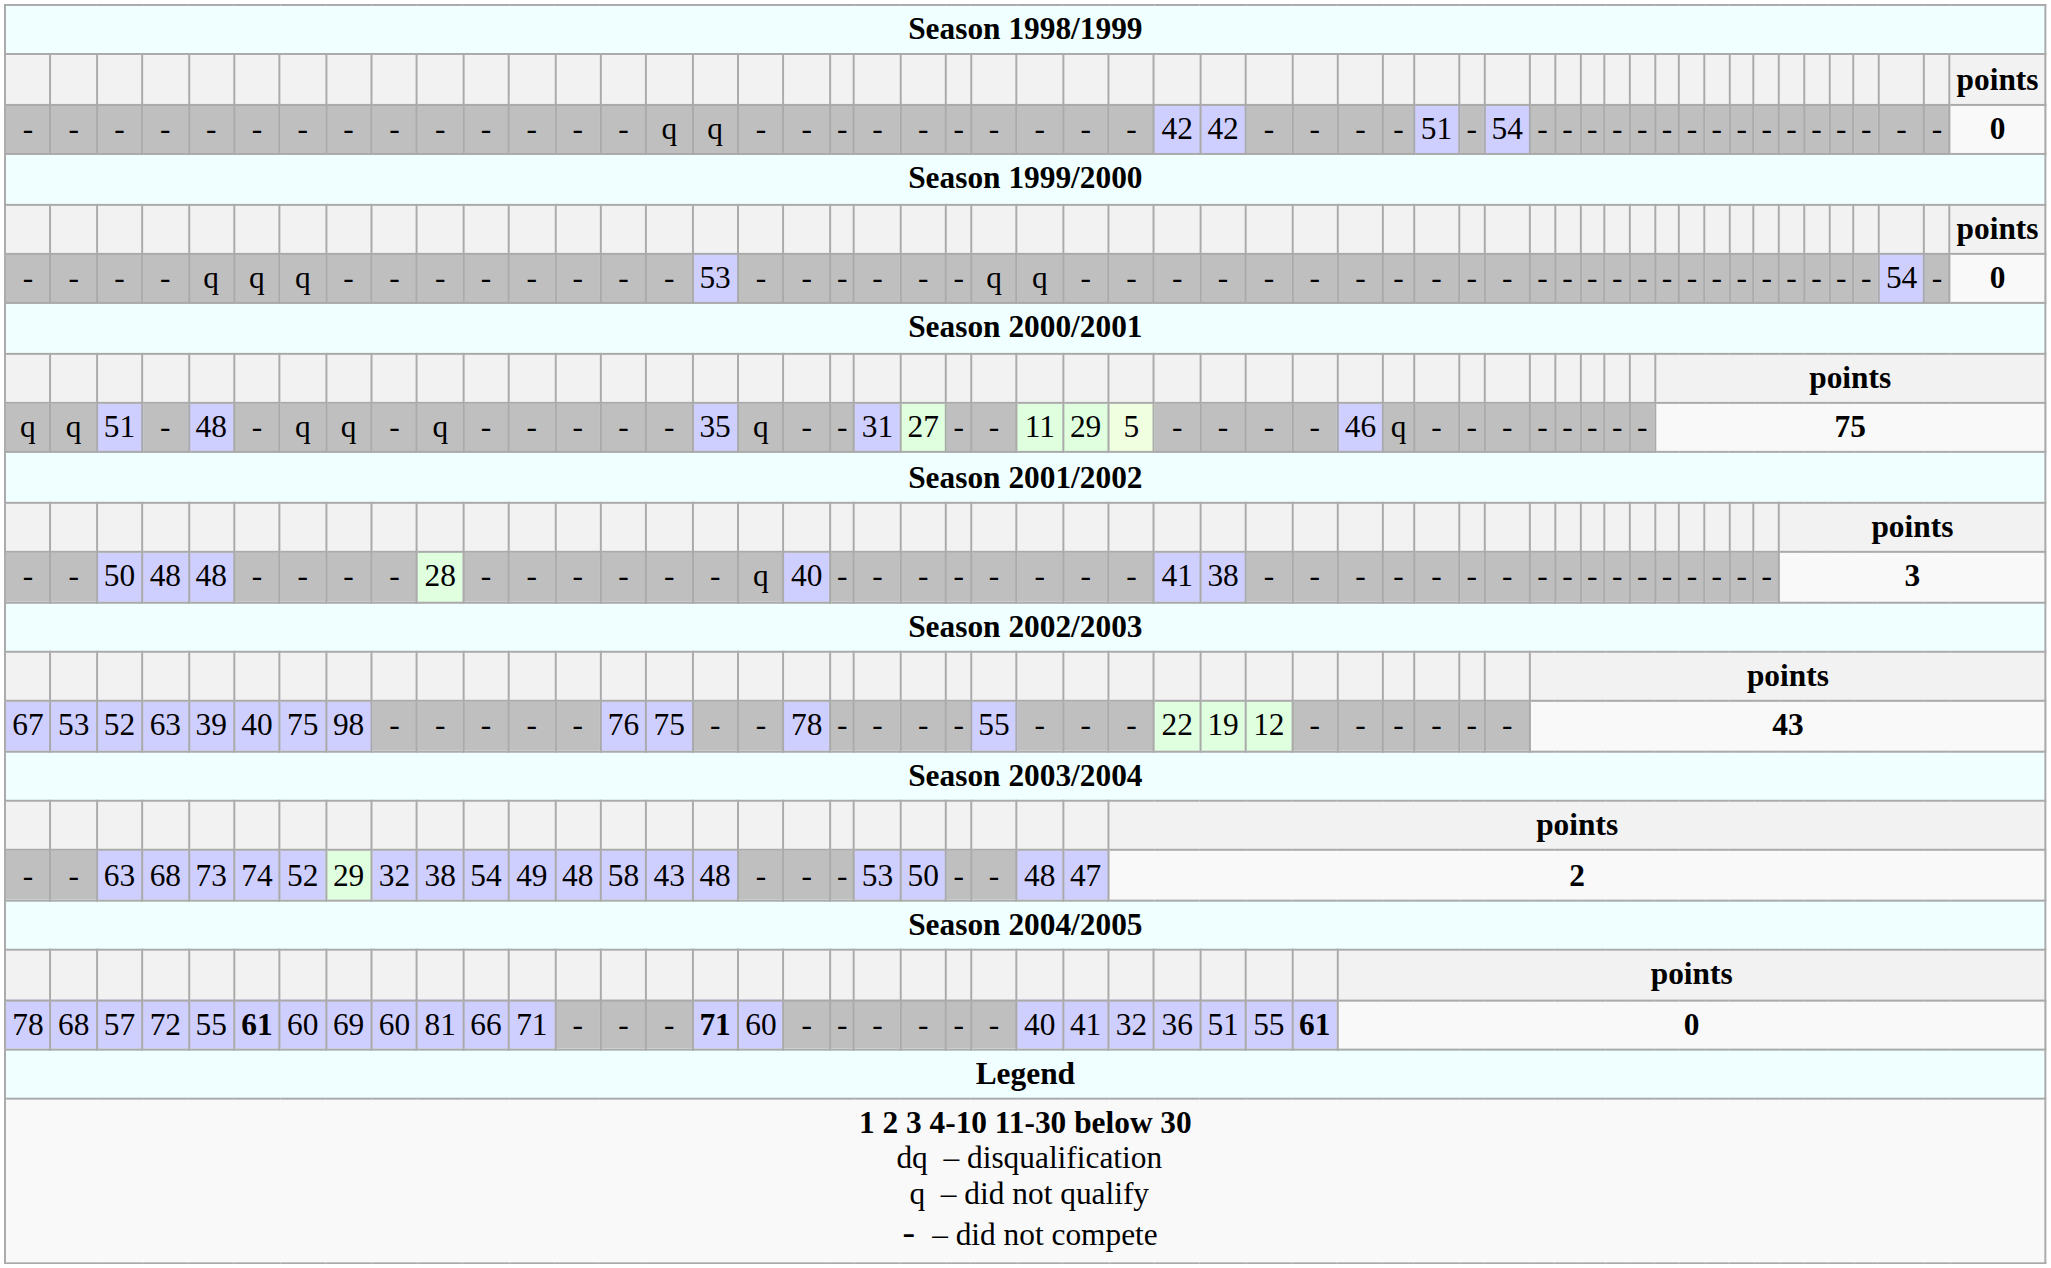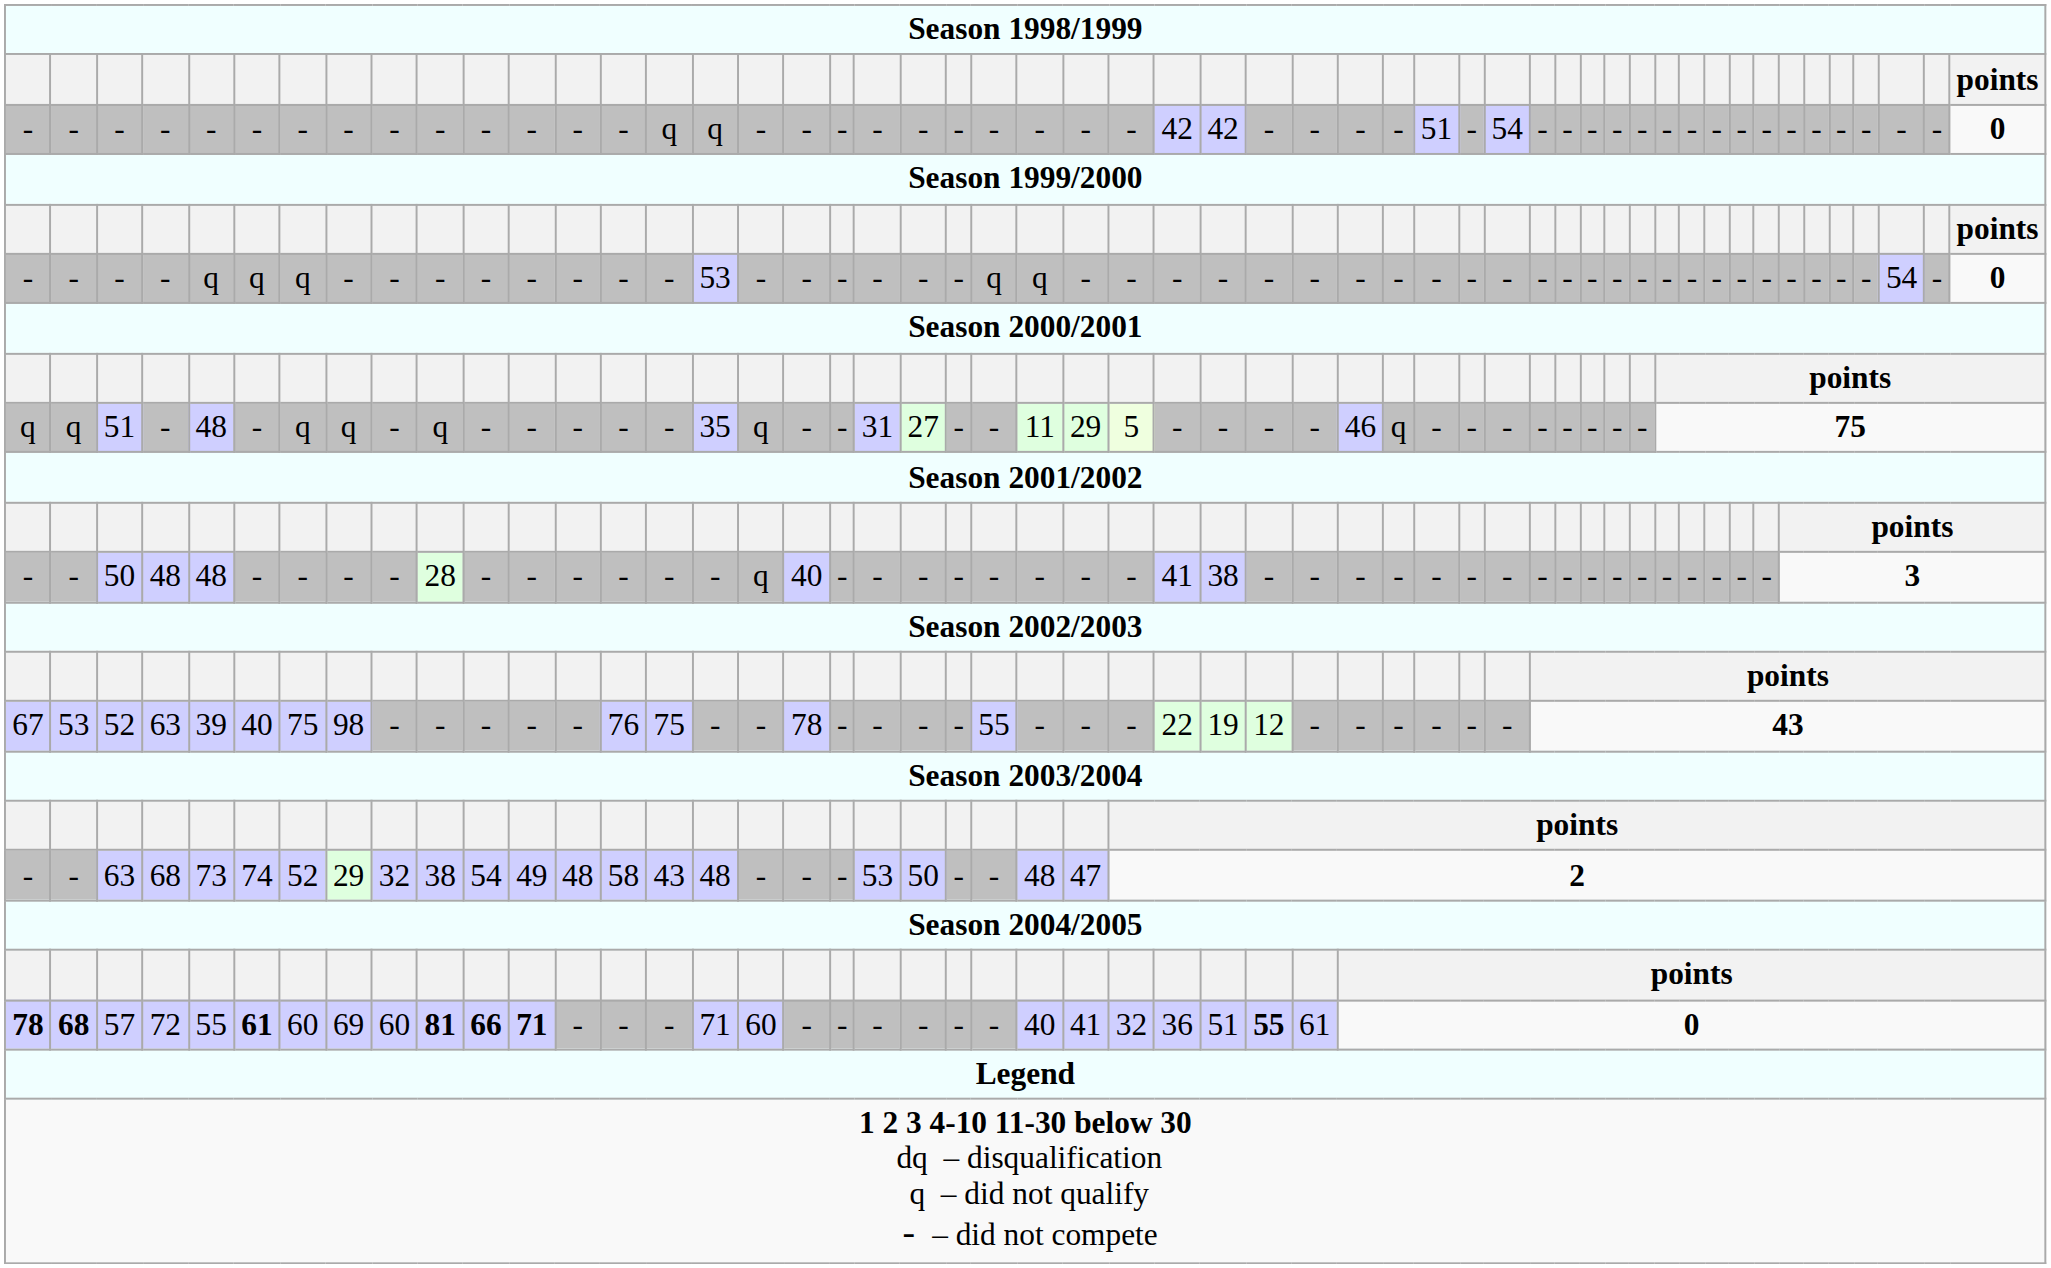 <table class="wikitable" style="text-align: center">
 <tr>
 <td colspan="60" bgcolor="F0FFFF"><strong>Season 1998/1999</strong></td>
 </tr>
 <tr>
 <th></th>
 <th></th>
 <th></th>
 <th></th>
 <th></th>
 <th></th>
 <th></th>
 <th></th>
 <th></th>
 <th></th>
 <th></th>
 <th></th>
 <th></th>
 <th></th>
 <th></th>
 <th></th>
 <th></th>
 <th></th>
 <th></th>
 <th></th>
 <th></th>
 <th></th>
 <th></th>
 <th></th>
 <th></th>
 <th></th>
 <th></th>
 <th></th>
 <th></th>
 <th></th>
 <th></th>
 <th></th>
 <th></th>
 <th></th>
 <th></th>
 <th></th>
 <th></th>
 <th></th>
 <th></th>
 <th></th>
 <th></th>
 <th></th>
 <th></th>
 <th></th>
 <th></th>
 <th></th>
 <th></th>
 <th></th>
 <th></th>
 <th></th>
 <th></th>
 <th>points</th>
 </tr>
 <tr bgcolor="bfbfbf">
 <td>-</td>
 <td>-</td>
 <td>-</td>
 <td>-</td>
 <td>-</td>
 <td>-</td>
 <td>-</td>
 <td>-</td>
 <td>-</td>
 <td>-</td>
 <td>-</td>
 <td>-</td>
 <td>-</td>
 <td>-</td>
 <td>q</td>
 <td>q</td>
 <td>-</td>
 <td>-</td>
 <td>-</td>
 <td>-</td>
 <td>-</td>
 <td>-</td>
 <td>-</td>
 <td>-</td>
 <td>-</td>
 <td>-</td>
 <td bgcolor="cfcfff">42</td>
 <td bgcolor="cfcfff">42</td>
 <td>-</td>
 <td>-</td>
 <td>-</td>
 <td>-</td>
 <td bgcolor="cfcfff">51</td>
 <td>-</td>
 <td bgcolor="cfcfff">54</td>
 <td>-</td>
 <td>-</td>
 <td>-</td>
 <td>-</td>
 <td>-</td>
 <td>-</td>
 <td>-</td>
 <td>-</td>
 <td>-</td>
 <td>-</td>
 <td>-</td>
 <td>-</td>
 <td>-</td>
 <td>-</td>
 <td>-</td>
 <td>-</td>
 <td bgcolor="f9f9f9"><strong>0</strong></td>
 </tr>
 <tr>
 <td colspan="60" bgcolor="F0FFFF"><strong>Season 1999/2000</strong></td>
 </tr>
 <tr>
 <th></th>
 <th></th>
 <th></th>
 <th></th>
 <th></th>
 <th></th>
 <th></th>
 <th></th>
 <th></th>
 <th></th>
 <th></th>
 <th></th>
 <th></th>
 <th></th>
 <th></th>
 <th></th>
 <th></th>
 <th></th>
 <th></th>
 <th></th>
 <th></th>
 <th></th>
 <th></th>
 <th></th>
 <th></th>
 <th></th>
 <th></th>
 <th></th>
 <th></th>
 <th></th>
 <th></th>
 <th></th>
 <th></th>
 <th></th>
 <th></th>
 <th></th>
 <th></th>
 <th></th>
 <th></th>
 <th></th>
 <th></th>
 <th></th>
 <th></th>
 <th></th>
 <th></th>
 <th></th>
 <th></th>
 <th></th>
 <th></th>
 <th></th>
 <th></th>
 <th>points</th>
 </tr>
 <tr bgcolor="bfbfbf">
 <td>-</td>
 <td>-</td>
 <td>-</td>
 <td>-</td>
 <td>q</td>
 <td>q</td>
 <td>q</td>
 <td>-</td>
 <td>-</td>
 <td>-</td>
 <td>-</td>
 <td>-</td>
 <td>-</td>
 <td>-</td>
 <td>-</td>
 <td bgcolor="cfcfff">53</td>
 <td>-</td>
 <td>-</td>
 <td>-</td>
 <td>-</td>
 <td>-</td>
 <td>-</td>
 <td>q</td>
 <td>q</td>
 <td>-</td>
 <td>-</td>
 <td>-</td>
 <td>-</td>
 <td>-</td>
 <td>-</td>
 <td>-</td>
 <td>-</td>
 <td>-</td>
 <td>-</td>
 <td>-</td>
 <td>-</td>
 <td>-</td>
 <td>-</td>
 <td>-</td>
 <td>-</td>
 <td>-</td>
 <td>-</td>
 <td>-</td>
 <td>-</td>
 <td>-</td>
 <td>-</td>
 <td>-</td>
 <td>-</td>
 <td>-</td>
 <td bgcolor="cfcfff">54</td>
 <td>-</td>
 <td bgcolor="f9f9f9"><strong>0</strong></td>
 </tr>
 <tr>
 <td colspan="60" bgcolor="F0FFFF"><strong>Season 2000/2001</strong></td>
 </tr>
 <tr>
 <th></th>
 <th></th>
 <th></th>
 <th></th>
 <th></th>
 <th></th>
 <th></th>
 <th></th>
 <th></th>
 <th></th>
 <th></th>
 <th></th>
 <th></th>
 <th></th>
 <th></th>
 <th></th>
 <th></th>
 <th></th>
 <th></th>
 <th></th>
 <th></th>
 <th></th>
 <th></th>
 <th></th>
 <th></th>
 <th></th>
 <th></th>
 <th></th>
 <th></th>
 <th></th>
 <th></th>
 <th></th>
 <th></th>
 <th></th>
 <th></th>
 <th></th>
 <th></th>
 <th></th>
 <th></th>
 <th></th>
 <th colspan="40">points</th>
 </tr>
 <tr bgcolor="bfbfbf">
 <td>q</td>
 <td>q</td>
 <td bgcolor="cfcfff">51</td>
 <td>-</td>
 <td bgcolor="cfcfff">48</td>
 <td>-</td>
 <td>q</td>
 <td>q</td>
 <td>-</td>
 <td>q</td>
 <td>-</td>
 <td>-</td>
 <td>-</td>
 <td>-</td>
 <td>-</td>
 <td bgcolor="cfcfff">35</td>
 <td>q</td>
 <td>-</td>
 <td>-</td>
 <td bgcolor="cfcfff">31</td>
 <td bgcolor="dfffdf">27</td>
 <td>-</td>
 <td>-</td>
 <td bgcolor="dfffdf">11</td>
 <td bgcolor="dfffdf">29</td>
 <td bgcolor="efffdf">5</td>
 <td>-</td>
 <td>-</td>
 <td>-</td>
 <td>-</td>
 <td bgcolor="cfcfff">46</td>
 <td>q</td>
 <td>-</td>
 <td>-</td>
 <td>-</td>
 <td>-</td>
 <td>-</td>
 <td>-</td>
 <td>-</td>
 <td>-</td>
 <td colspan="40" bgcolor="f9f9f9"><strong>75</strong></td>
 </tr>
 <tr>
 <td colspan="60" bgcolor="F0FFFF"><strong>Season 2001/2002</strong></td>
 </tr>
 <tr>
 <th></th>
 <th></th>
 <th></th>
 <th></th>
 <th></th>
 <th></th>
 <th></th>
 <th></th>
 <th></th>
 <th></th>
 <th></th>
 <th></th>
 <th></th>
 <th></th>
 <th></th>
 <th></th>
 <th></th>
 <th></th>
 <th></th>
 <th></th>
 <th></th>
 <th></th>
 <th></th>
 <th></th>
 <th></th>
 <th></th>
 <th></th>
 <th></th>
 <th></th>
 <th></th>
 <th></th>
 <th></th>
 <th></th>
 <th></th>
 <th></th>
 <th></th>
 <th></th>
 <th></th>
 <th></th>
 <th></th>
 <th></th>
 <th></th>
 <th></th>
 <th></th>
 <th></th>
 <th colspan="40">points</th>
 </tr>
 <tr bgcolor="bfbfbf">
 <td>-</td>
 <td>-</td>
 <td bgcolor="cfcfff">50</td>
 <td bgcolor="cfcfff">48</td>
 <td bgcolor="cfcfff">48</td>
 <td>-</td>
 <td>-</td>
 <td>-</td>
 <td>-</td>
 <td bgcolor="dfffdf">28</td>
 <td>-</td>
 <td>-</td>
 <td>-</td>
 <td>-</td>
 <td>-</td>
 <td>-</td>
 <td>q</td>
 <td bgcolor="cfcfff">40</td>
 <td>-</td>
 <td>-</td>
 <td>-</td>
 <td>-</td>
 <td>-</td>
 <td>-</td>
 <td>-</td>
 <td>-</td>
 <td bgcolor="cfcfff">41</td>
 <td bgcolor="cfcfff">38</td>
 <td>-</td>
 <td>-</td>
 <td>-</td>
 <td>-</td>
 <td>-</td>
 <td>-</td>
 <td>-</td>
 <td>-</td>
 <td>-</td>
 <td>-</td>
 <td>-</td>
 <td>-</td>
 <td>-</td>
 <td>-</td>
 <td>-</td>
 <td>-</td>
 <td>-</td>
 <td colspan="40" bgcolor="f9f9f9"><strong>3</strong></td>
 </tr>
 <tr>
 <td colspan="60" bgcolor="F0FFFF"><strong>Season 2002/2003</strong></td>
 </tr>
 <tr>
 <th></th>
 <th></th>
 <th></th>
 <th></th>
 <th></th>
 <th></th>
 <th></th>
 <th></th>
 <th></th>
 <th></th>
 <th></th>
 <th></th>
 <th></th>
 <th></th>
 <th></th>
 <th></th>
 <th></th>
 <th></th>
 <th></th>
 <th></th>
 <th></th>
 <th></th>
 <th></th>
 <th></th>
 <th></th>
 <th></th>
 <th></th>
 <th></th>
 <th></th>
 <th></th>
 <th></th>
 <th></th>
 <th></th>
 <th></th>
 <th></th>
 <th colspan="40">points</th>
 </tr>
 <tr bgcolor="bfbfbf">
 <td bgcolor="cfcfff">67</td>
 <td bgcolor="cfcfff">53</td>
 <td bgcolor="cfcfff">52</td>
 <td bgcolor="cfcfff">63</td>
 <td bgcolor="cfcfff">39</td>
 <td bgcolor="cfcfff">40</td>
 <td bgcolor="cfcfff">75</td>
 <td bgcolor="cfcfff">98</td>
 <td>-</td>
 <td>-</td>
 <td>-</td>
 <td>-</td>
 <td>-</td>
 <td bgcolor="cfcfff">76</td>
 <td bgcolor="cfcfff">75</td>
 <td>-</td>
 <td>-</td>
 <td bgcolor="cfcfff">78</td>
 <td>-</td>
 <td>-</td>
 <td>-</td>
 <td>-</td>
 <td bgcolor="cfcfff">55</td>
 <td>-</td>
 <td>-</td>
 <td>-</td>
 <td bgcolor="dfffdf">22</td>
 <td bgcolor="dfffdf">19</td>
 <td bgcolor="dfffdf">12</td>
 <td>-</td>
 <td>-</td>
 <td>-</td>
 <td>-</td>
 <td>-</td>
 <td>-</td>
 <td colspan="40" bgcolor="f9f9f9"><strong>43</strong></td>
 </tr>
 <tr>
 <td colspan="60" bgcolor="F0FFFF"><strong>Season 2003/2004</strong></td>
 </tr>
 <tr>
 <th></th>
 <th></th>
 <th></th>
 <th></th>
 <th></th>
 <th></th>
 <th></th>
 <th></th>
 <th></th>
 <th></th>
 <th></th>
 <th></th>
 <th></th>
 <th></th>
 <th></th>
 <th></th>
 <th></th>
 <th></th>
 <th></th>
 <th></th>
 <th></th>
 <th></th>
 <th></th>
 <th></th>
 <th></th>
 <th colspan="40">points</th>
 </tr>
 <tr bgcolor="bfbfbf">
 <td>-</td>
 <td>-</td>
 <td bgcolor="cfcfff">63</td>
 <td bgcolor="cfcfff">68</td>
 <td bgcolor="cfcfff">73</td>
 <td bgcolor="cfcfff">74</td>
 <td bgcolor="cfcfff">52</td>
 <td bgcolor="dfffdf">29</td>
 <td bgcolor="cfcfff">32</td>
 <td bgcolor="cfcfff">38</td>
 <td bgcolor="cfcfff">54</td>
 <td bgcolor="cfcfff">49</td>
 <td bgcolor="cfcfff">48</td>
 <td bgcolor="cfcfff">58</td>
 <td bgcolor="cfcfff">43</td>
 <td bgcolor="cfcfff">48</td>
 <td>-</td>
 <td>-</td>
 <td>-</td>
 <td bgcolor="cfcfff">53</td>
 <td bgcolor="cfcfff">50</td>
 <td>-</td>
 <td>-</td>
 <td bgcolor="cfcfff">48</td>
 <td bgcolor="cfcfff">47</td>
 <td colspan="40" bgcolor="f9f9f9"><strong>2</strong></td>
 </tr>
 <tr>
 <td colspan="60" bgcolor="F0FFFF"><strong>Season 2004/2005</strong></td>
 </tr>
 <tr>
 <th></th>
 <th></th>
 <th></th>
 <th></th>
 <th></th>
 <th></th>
 <th></th>
 <th></th>
 <th></th>
 <th></th>
 <th></th>
 <th></th>
 <th></th>
 <th></th>
 <th></th>
 <th></th>
 <th></th>
 <th></th>
 <th></th>
 <th></th>
 <th></th>
 <th></th>
 <th></th>
 <th></th>
 <th></th>
 <th></th>
 <th></th>
 <th></th>
 <th></th>
 <th></th>
 <th colspan="40">points</th>
 </tr>
 <tr bgcolor="bfbfbf">
-<td bgcolor="cfcfff">78</td>
-<td bgcolor="cfcfff">68</td>
+<td bgcolor="cfcfff"><strong>78</strong></td>
+<td bgcolor="cfcfff"><strong>68</strong></td>
 <td bgcolor="cfcfff">57</td>
 <td bgcolor="cfcfff">72</td>
 <td bgcolor="cfcfff">55</td>
 <td bgcolor="cfcfff"><strong>61</strong></td>
 <td bgcolor="cfcfff">60</td>
 <td bgcolor="cfcfff">69</td>
 <td bgcolor="cfcfff">60</td>
-<td bgcolor="cfcfff">81</td>
-<td bgcolor="cfcfff">66</td>
-<td bgcolor="cfcfff">71</td>
+<td bgcolor="cfcfff"><strong>81</strong></td>
+<td bgcolor="cfcfff"><strong>66</strong></td>
+<td bgcolor="cfcfff"><strong>71</strong></td>
 <td>-</td>
 <td>-</td>
 <td>-</td>
-<td bgcolor="cfcfff"><strong>71</strong></td>
+<td bgcolor="cfcfff">71</td>
 <td bgcolor="cfcfff">60</td>
 <td>-</td>
 <td>-</td>
 <td>-</td>
 <td>-</td>
 <td>-</td>
 <td>-</td>
 <td bgcolor="cfcfff">40</td>
 <td bgcolor="cfcfff">41</td>
 <td bgcolor="cfcfff">32</td>
 <td bgcolor="cfcfff">36</td>
 <td bgcolor="cfcfff">51</td>
-<td bgcolor="cfcfff">55</td>
-<td bgcolor="cfcfff"><strong>61</strong></td>
+<td bgcolor="cfcfff"><strong>55</strong></td>
+<td bgcolor="cfcfff">61</td>
 <td colspan="40" bgcolor="f9f9f9"><strong>0</strong></td>
 </tr>
 <tr>
 <td colspan="60" bgcolor="F0FFFF"><strong>Legend</strong></td>
 </tr>
 <tr>
 <td colspan="60"><span><strong>1</strong></span> <span><strong>2</strong></span> <span><strong>3</strong></span> <span><strong>4-10</strong></span> <span><strong>11-30</strong></span> <span><strong>below 30</strong></span><br><span> dq </span> – disqualification<br><span> q </span> – did not qualify<br><span><big> - </big></span> – did not compete</td>
 </tr>
 </table>
